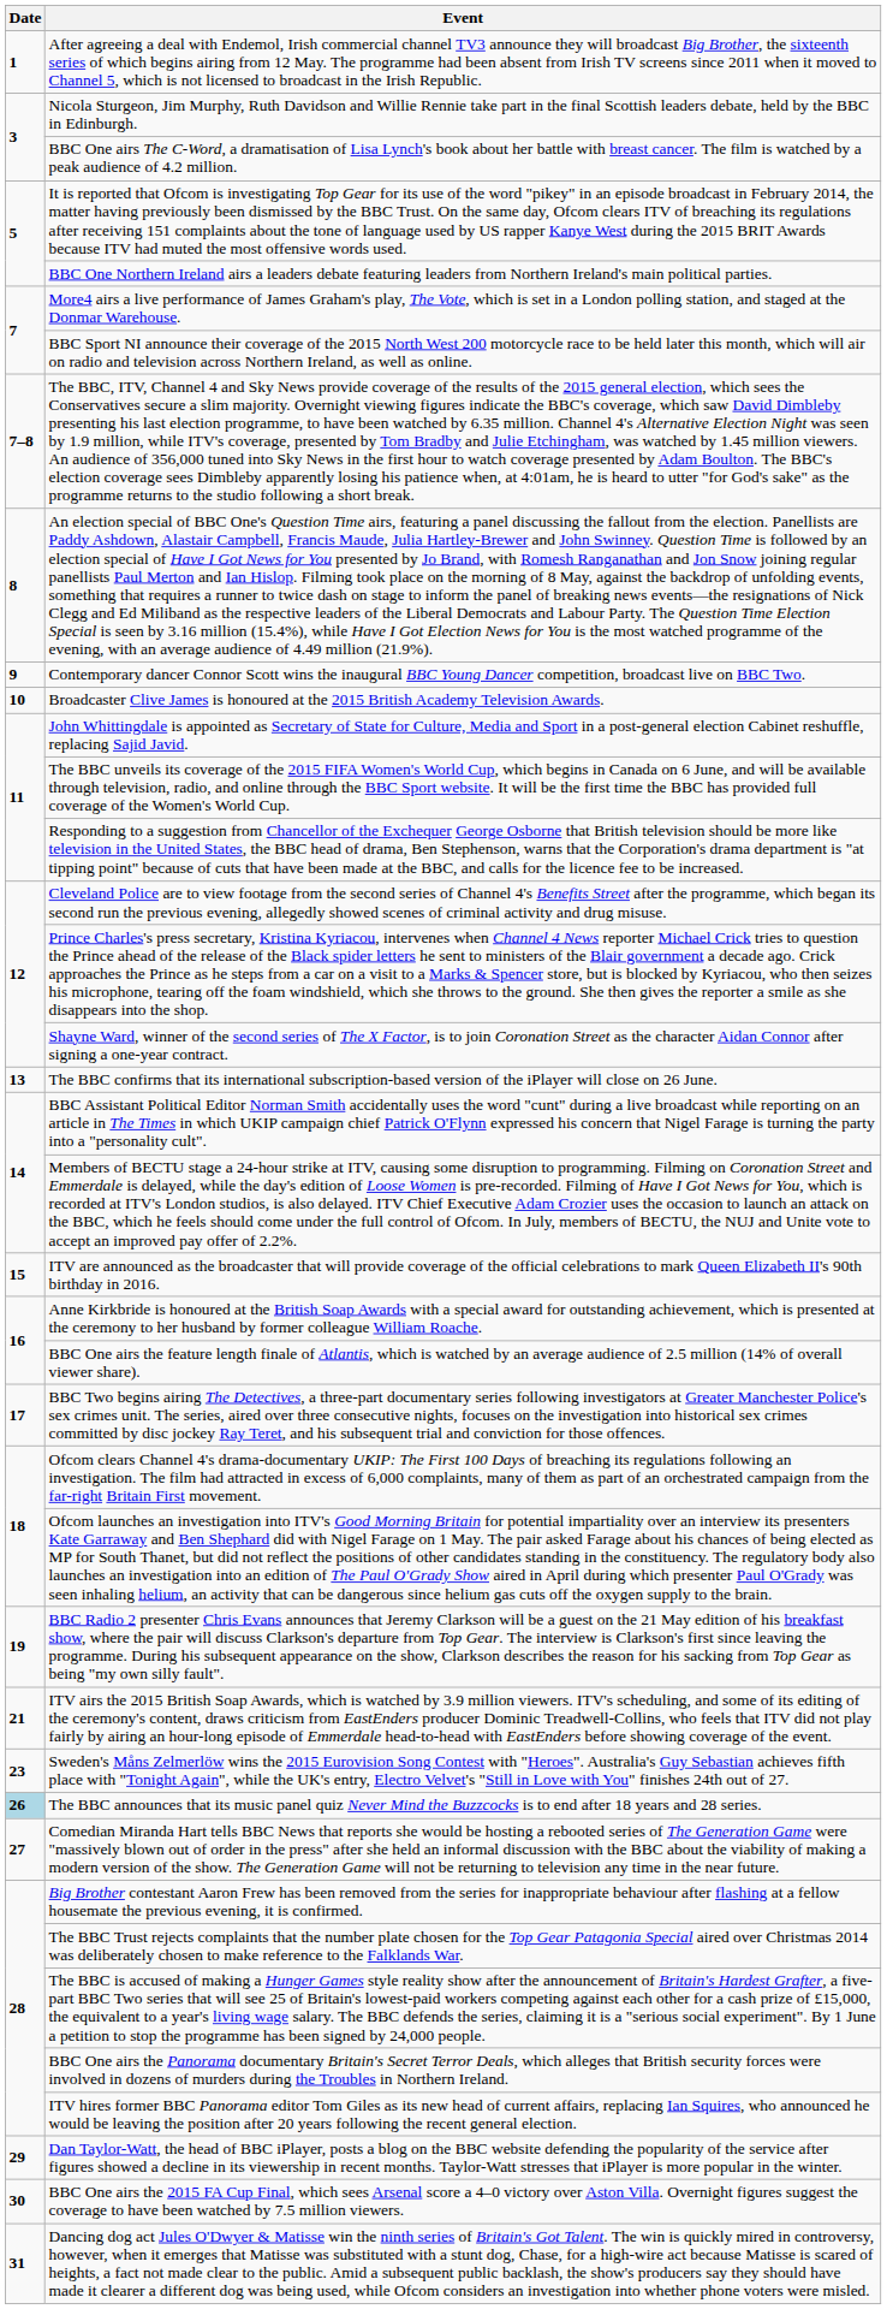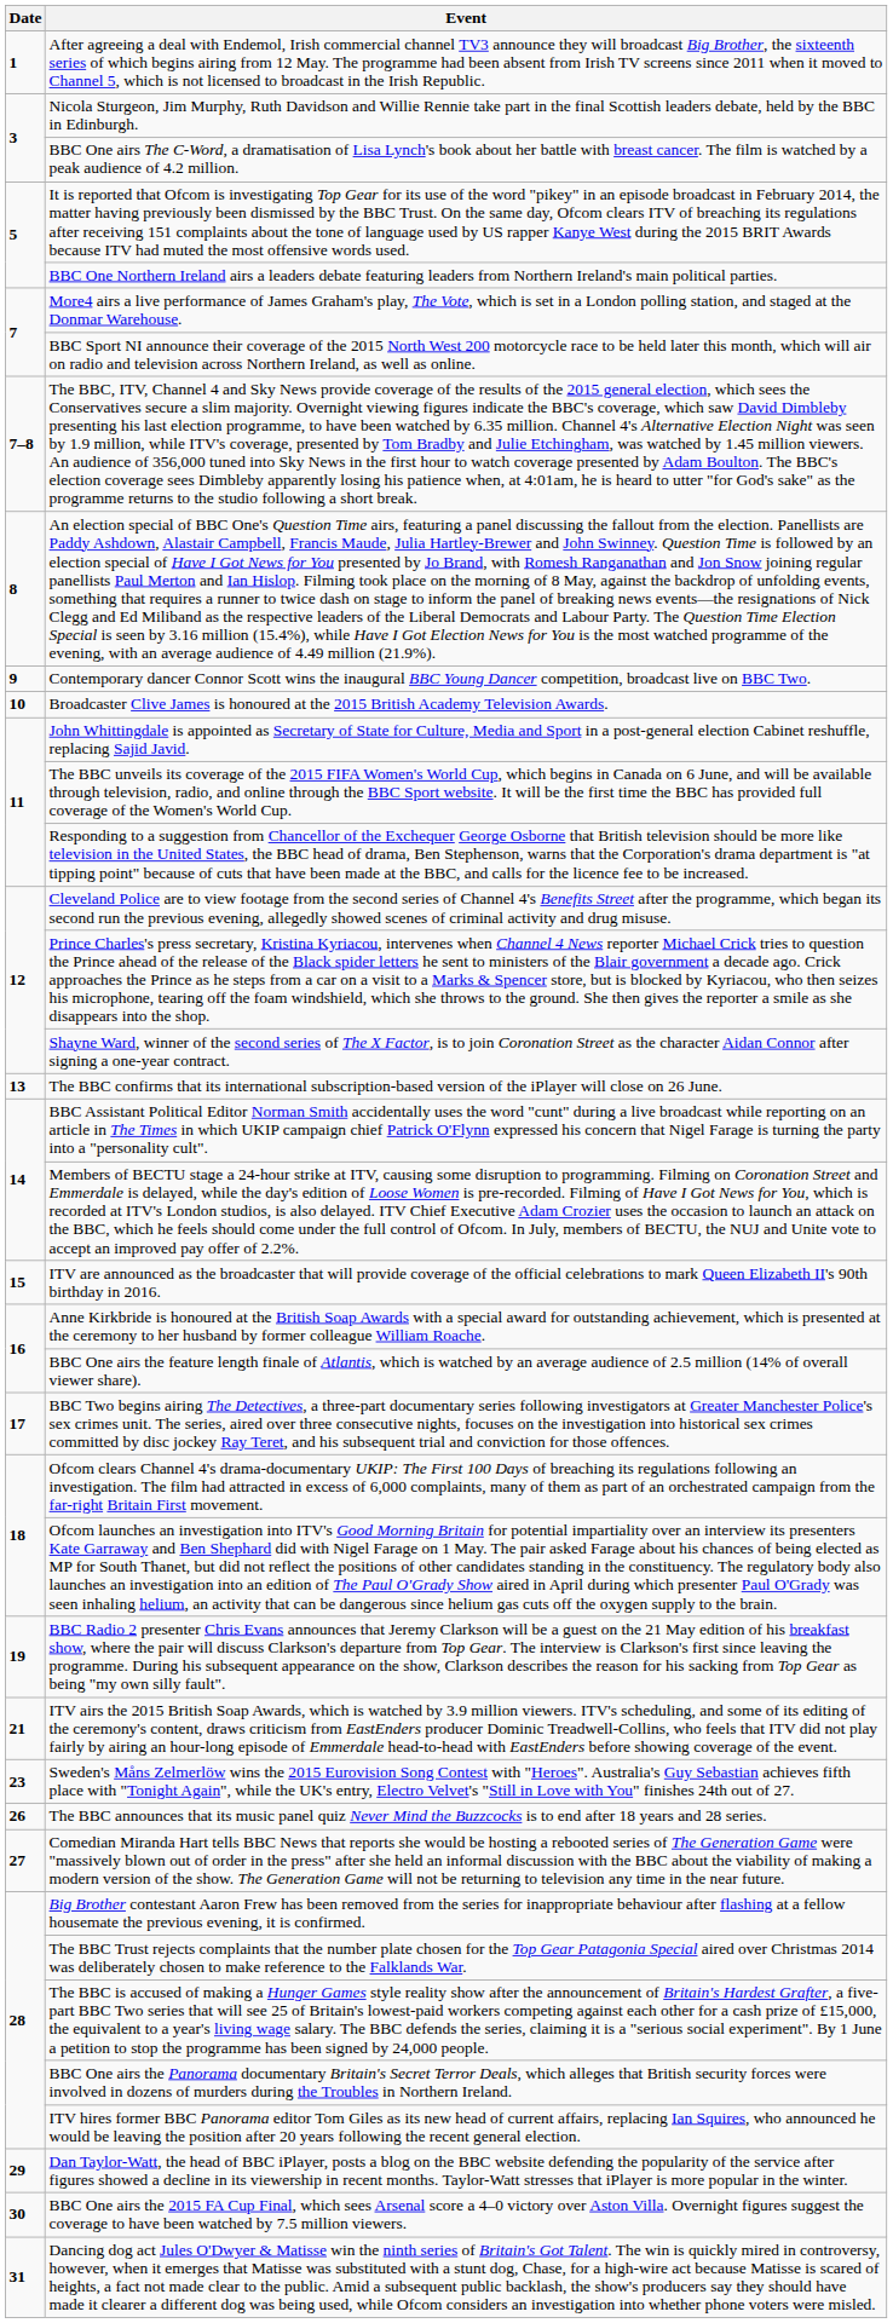 <table class="wikitable">
 <tr>
 <th>Date</th>
 <th>Event</th>
 </tr>
 <tr>
 <td><strong>1</strong></td>
 <td>After agreeing a deal with Endemol, Irish commercial channel <a href='#'>TV3</a> announce they will broadcast <em><a href='#'>Big Brother</a></em>, the <a href='#'>sixteenth series</a> of which begins airing from 12 May. The programme had been absent from Irish TV screens since 2011 when it moved to <a href='#'>Channel 5</a>, which is not licensed to broadcast in the Irish Republic.</td>
 </tr>
 <tr>
 <td rowspan="2"><strong>3</strong></td>
 <td>Nicola Sturgeon, Jim Murphy, Ruth Davidson and Willie Rennie take part in the final Scottish leaders debate, held by the BBC in Edinburgh.</td>
 </tr>
 <tr>
 <td>BBC One airs <em>The C-Word</em>, a dramatisation of <a href='#'>Lisa Lynch</a>'s book about her battle with <a href='#'>breast cancer</a>. The film is watched by a peak audience of 4.2 million.</td>
 </tr>
 <tr>
 <td rowspan=2><strong>5</strong></td>
 <td>It is reported that Ofcom is investigating <em>Top Gear</em> for its use of the word "pikey" in an episode broadcast in February 2014, the matter having previously been dismissed by the BBC Trust. On the same day, Ofcom clears ITV of breaching its regulations after receiving 151 complaints about the tone of language used by US rapper <a href='#'>Kanye West</a> during the 2015 BRIT Awards because ITV had muted the most offensive words used.</td>
 </tr>
 <tr>
 <td><a href='#'>BBC One Northern Ireland</a> airs a leaders debate featuring leaders from Northern Ireland's main political parties.</td>
 </tr>
 <tr>
 <td rowspan="2"><strong>7</strong></td>
 <td><a href='#'>More4</a> airs a live performance of James Graham's play, <em><a href='#'>The Vote</a></em>, which is set in a London polling station, and staged at the <a href='#'>Donmar Warehouse</a>.</td>
 </tr>
 <tr>
 <td>BBC Sport NI announce their coverage of the 2015 <a href='#'>North West 200</a> motorcycle race to be held later this month, which will air on radio and television across Northern Ireland, as well as online.</td>
 </tr>
 <tr>
 <td><strong>7–8</strong></td>
 <td>The BBC, ITV, Channel 4 and Sky News provide coverage of the results of the <a href='#'>2015 general election</a>, which sees the Conservatives secure a slim majority. Overnight viewing figures indicate the BBC's coverage, which saw <a href='#'>David Dimbleby</a> presenting his last election programme, to have been watched by 6.35 million. Channel 4's <em>Alternative Election Night</em> was seen by 1.9 million, while ITV's coverage, presented by <a href='#'>Tom Bradby</a> and <a href='#'>Julie Etchingham</a>, was watched by 1.45 million viewers. An audience of 356,000 tuned into Sky News in the first hour to watch coverage presented by <a href='#'>Adam Boulton</a>. The BBC's election coverage sees Dimbleby apparently losing his patience when, at 4:01am, he is heard to utter "for God's sake" as the programme returns to the studio following a short break.</td>
 </tr>
 <tr>
 <td><strong>8</strong></td>
 <td>An election special of BBC One's <em>Question Time</em> airs, featuring a panel discussing the fallout from the election. Panellists are <a href='#'>Paddy Ashdown</a>, <a href='#'>Alastair Campbell</a>, <a href='#'>Francis Maude</a>, <a href='#'>Julia Hartley-Brewer</a> and <a href='#'>John Swinney</a>. <em>Question Time</em> is followed by an election special of <em><a href='#'>Have I Got News for You</a></em> presented by <a href='#'>Jo Brand</a>, with <a href='#'>Romesh Ranganathan</a> and <a href='#'>Jon Snow</a> joining regular panellists <a href='#'>Paul Merton</a> and <a href='#'>Ian Hislop</a>. Filming took place on the morning of 8 May, against the backdrop of unfolding events, something that requires a runner to twice dash on stage to inform the panel of breaking news events—the resignations of Nick Clegg and Ed Miliband as the respective leaders of the Liberal Democrats and Labour Party. The <em>Question Time Election Special</em> is seen by 3.16 million (15.4%), while <em>Have I Got Election News for You</em> is the most watched programme of the evening, with an average audience of 4.49 million (21.9%).</td>
 </tr>
 <tr>
 <td><strong>9</strong></td>
 <td>Contemporary dancer Connor Scott wins the inaugural <em><a href='#'>BBC Young Dancer</a></em> competition, broadcast live on <a href='#'>BBC Two</a>.</td>
 </tr>
 <tr>
 <td><strong>10</strong></td>
 <td>Broadcaster <a href='#'>Clive James</a> is honoured at the <a href='#'>2015 British Academy Television Awards</a>.</td>
 </tr>
 <tr>
 <td rowspan="3"><strong>11</strong></td>
 <td><a href='#'>John Whittingdale</a> is appointed as <a href='#'>Secretary of State for Culture, Media and Sport</a> in a post-general election Cabinet reshuffle, replacing <a href='#'>Sajid Javid</a>.</td>
 </tr>
 <tr>
 <td>The BBC unveils its coverage of the <a href='#'>2015 FIFA Women's World Cup</a>, which begins in Canada on 6 June, and will be available through television, radio, and online through the <a href='#'>BBC Sport website</a>. It will be the first time the BBC has provided full coverage of the Women's World Cup.</td>
 </tr>
 <tr>
 <td>Responding to a suggestion from <a href='#'>Chancellor of the Exchequer</a> <a href='#'>George Osborne</a> that British television should be more like <a href='#'>television in the United States</a>, the BBC head of drama, Ben Stephenson, warns that the Corporation's drama department is "at tipping point" because of cuts that have been made at the BBC, and calls for the licence fee to be increased.</td>
 </tr>
 <tr>
 <td rowspan=3><strong>12</strong></td>
 <td><a href='#'>Cleveland Police</a> are to view footage from the second series of Channel 4's <em><a href='#'>Benefits Street</a></em> after the programme, which began its second run the previous evening, allegedly showed scenes of criminal activity and drug misuse.</td>
 </tr>
 <tr>
 <td><a href='#'>Prince Charles</a>'s press secretary, <a href='#'>Kristina Kyriacou</a>, intervenes when <em><a href='#'>Channel 4 News</a></em> reporter <a href='#'>Michael Crick</a> tries to question the Prince ahead of the release of the <a href='#'>Black spider letters</a> he sent to ministers of the <a href='#'>Blair government</a> a decade ago. Crick approaches the Prince as he steps from a car on a visit to a <a href='#'>Marks & Spencer</a> store, but is blocked by Kyriacou, who then seizes his microphone, tearing off the foam windshield, which she throws to the ground. She then gives the reporter a smile as she disappears into the shop.</td>
 </tr>
 <tr>
 <td><a href='#'>Shayne Ward</a>, winner of the <a href='#'>second series</a> of <em><a href='#'>The X Factor</a></em>, is to join <em>Coronation Street</em> as the character <a href='#'>Aidan Connor</a> after signing a one-year contract.</td>
 </tr>
 <tr>
 <td><strong>13</strong></td>
 <td>The BBC confirms that its international subscription-based version of the iPlayer will close on 26 June.</td>
 </tr>
 <tr>
 <td rowspan=2><strong>14</strong></td>
 <td>BBC Assistant Political Editor <a href='#'>Norman Smith</a> accidentally uses the word "cunt" during a live broadcast while reporting on an article in <em><a href='#'>The Times</a></em> in which UKIP campaign chief <a href='#'>Patrick O'Flynn</a> expressed his concern that Nigel Farage is turning the party into a "personality cult".</td>
 </tr>
 <tr>
 <td>Members of BECTU stage a 24-hour strike at ITV, causing some disruption to programming. Filming on <em>Coronation Street</em> and <em>Emmerdale</em> is delayed, while the day's edition of <em><a href='#'>Loose Women</a></em> is pre-recorded. Filming of <em>Have I Got News for You</em>, which is recorded at ITV's London studios, is also delayed. ITV Chief Executive <a href='#'>Adam Crozier</a> uses the occasion to launch an attack on the BBC, which he feels should come under the full control of Ofcom. In July, members of BECTU, the NUJ and Unite vote to accept an improved pay offer of 2.2%.</td>
 </tr>
 <tr>
 <td><strong>15</strong></td>
 <td>ITV are announced as the broadcaster that will provide coverage of the official celebrations to mark <a href='#'>Queen Elizabeth II</a>'s 90th birthday in 2016.</td>
 </tr>
 <tr>
 <td rowspan=2><strong>16</strong></td>
 <td>Anne Kirkbride is honoured at the <a href='#'>British Soap Awards</a> with a special award for outstanding achievement, which is presented at the ceremony to her husband by former colleague <a href='#'>William Roache</a>.</td>
 </tr>
 <tr>
 <td>BBC One airs the feature length finale of <em><a href='#'>Atlantis</a></em>, which is watched by an average audience of 2.5 million (14% of overall viewer share).</td>
 </tr>
 <tr>
 <td><strong>17</strong></td>
 <td>BBC Two begins airing <em><a href='#'>The Detectives</a></em>, a three-part documentary series following investigators at <a href='#'>Greater Manchester Police</a>'s sex crimes unit. The series, aired over three consecutive nights, focuses on the investigation into historical sex crimes committed by disc jockey <a href='#'>Ray Teret</a>, and his subsequent trial and conviction for those offences.</td>
 </tr>
 <tr>
 <td rowspan=2><strong>18</strong></td>
 <td>Ofcom clears Channel 4's drama-documentary <em>UKIP: The First 100 Days</em> of breaching its regulations following an investigation. The film had attracted in excess of 6,000 complaints, many of them as part of an orchestrated campaign from the <a href='#'>far-right</a> <a href='#'>Britain First</a> movement.</td>
 </tr>
 <tr>
 <td>Ofcom launches an investigation into ITV's <em><a href='#'>Good Morning Britain</a></em> for potential impartiality over an interview its presenters <a href='#'>Kate Garraway</a> and <a href='#'>Ben Shephard</a> did with Nigel Farage on 1 May. The pair asked Farage about his chances of being elected as MP for South Thanet, but did not reflect the positions of other candidates standing in the constituency. The regulatory body also launches an investigation into an edition of <em><a href='#'>The Paul O'Grady Show</a></em> aired in April during which presenter <a href='#'>Paul O'Grady</a> was seen inhaling <a href='#'>helium</a>, an activity that can be dangerous since helium gas cuts off the oxygen supply to the brain.</td>
 </tr>
 <tr>
 <td><strong>19</strong></td>
 <td><a href='#'>BBC Radio 2</a> presenter <a href='#'>Chris Evans</a> announces that Jeremy Clarkson will be a guest on the 21 May edition of his <a href='#'>breakfast show</a>, where the pair will discuss Clarkson's departure from <em>Top Gear</em>. The interview is Clarkson's first since leaving the programme. During his subsequent appearance on the show, Clarkson describes the reason for his sacking from <em>Top Gear</em> as being "my own silly fault".</td>
 </tr>
 <tr>
 <td><strong>21</strong></td>
 <td>ITV airs the 2015 British Soap Awards, which is watched by 3.9 million viewers. ITV's scheduling, and some of its editing of the ceremony's content, draws criticism from <em>EastEnders</em> producer Dominic Treadwell-Collins, who feels that ITV did not play fairly by airing an hour-long episode of <em>Emmerdale</em> head-to-head with <em>EastEnders</em> before showing coverage of the event.</td>
 </tr>
 <tr>
 <td><strong>23</strong></td>
 <td>Sweden's <a href='#'>Måns Zelmerlöw</a> wins the <a href='#'>2015 Eurovision Song Contest</a> with "<a href='#'>Heroes</a>". Australia's <a href='#'>Guy Sebastian</a> achieves fifth place with "<a href='#'>Tonight Again</a>", while the UK's entry, <a href='#'>Electro Velvet</a>'s "<a href='#'>Still in Love with You</a>" finishes 24th out of 27.</td>
 </tr>
 <tr>
-<td style="background: lightblue;"><strong>26</strong></td>
+<td><strong>26</strong></td>
 <td>The BBC announces that its music panel quiz <em><a href='#'>Never Mind the Buzzcocks</a></em> is to end after 18 years and 28 series.</td>
 </tr>
 <tr>
 <td><strong>27</strong></td>
 <td>Comedian Miranda Hart tells BBC News that reports she would be hosting a rebooted series of <em><a href='#'>The Generation Game</a></em> were "massively blown out of order in the press" after she held an informal discussion with the BBC about the viability of making a modern version of the show. <em>The Generation Game</em> will not be returning to television any time in the near future.</td>
 </tr>
 <tr>
 <td rowspan=5><strong>28</strong></td>
 <td><em><a href='#'>Big Brother</a></em> contestant Aaron Frew has been removed from the series for inappropriate behaviour after <a href='#'>flashing</a> at a fellow housemate the previous evening, it is confirmed.</td>
 </tr>
 <tr>
 <td>The BBC Trust rejects complaints that the number plate chosen for the <em><a href='#'>Top Gear Patagonia Special</a></em> aired over Christmas 2014 was deliberately chosen to make reference to the <a href='#'>Falklands War</a>.</td>
 </tr>
 <tr>
 <td>The BBC is accused of making a <em><a href='#'>Hunger Games</a></em> style reality show after the announcement of <em><a href='#'>Britain's Hardest Grafter</a></em>, a five-part BBC Two series that will see 25 of Britain's lowest-paid workers competing against each other for a cash prize of £15,000, the equivalent to a year's <a href='#'>living wage</a> salary. The BBC defends the series, claiming it is a "serious social experiment". By 1 June a petition to stop the programme has been signed by 24,000 people.</td>
 </tr>
 <tr>
 <td>BBC One airs the <em><a href='#'>Panorama</a></em> documentary <em>Britain's Secret Terror Deals</em>, which alleges that British security forces were involved in dozens of murders during <a href='#'>the Troubles</a> in Northern Ireland.</td>
 </tr>
 <tr>
 <td>ITV hires former BBC <em>Panorama</em> editor Tom Giles as its new head of current affairs, replacing <a href='#'>Ian Squires</a>, who announced he would be leaving the position after 20 years following the recent general election.</td>
 </tr>
 <tr>
 <td><strong>29</strong></td>
 <td><a href='#'>Dan Taylor-Watt</a>, the head of BBC iPlayer, posts a blog on the BBC website defending the popularity of the service after figures showed a decline in its viewership in recent months. Taylor-Watt stresses that iPlayer is more popular in the winter.</td>
 </tr>
 <tr>
 <td><strong>30</strong></td>
 <td>BBC One airs the <a href='#'>2015 FA Cup Final</a>, which sees <a href='#'>Arsenal</a> score a 4–0 victory over <a href='#'>Aston Villa</a>. Overnight figures suggest the coverage to have been watched by 7.5 million viewers.</td>
 </tr>
 <tr>
 <td><strong>31</strong></td>
 <td>Dancing dog act <a href='#'>Jules O'Dwyer & Matisse</a> win the <a href='#'>ninth series</a> of <em><a href='#'>Britain's Got Talent</a></em>. The win is quickly mired in controversy, however, when it emerges that Matisse was substituted with a stunt dog, Chase, for a high-wire act because Matisse is scared of heights, a fact not made clear to the public. Amid a subsequent public backlash, the show's producers say they should have made it clearer a different dog was being used, while Ofcom considers an investigation into whether phone voters were misled.</td>
 </tr>
 </table>
